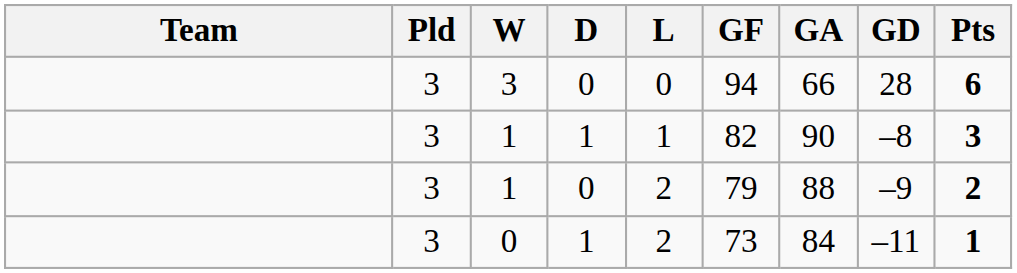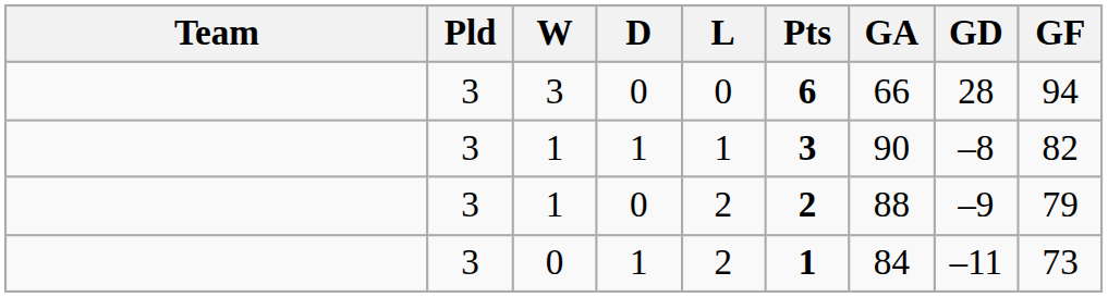 <table class="wikitable" style="text-align: center;">
 <tr>
 <th width="180">Team</th>
 <th width="30">Pld</th>
 <th width="30">W</th>
 <th width="30">D</th>
 <th width="30">L</th>
-<th width="30">GF</th>
+<th width="30">Pts</th>
 <th width="30">GA</th>
 <th width="30">GD</th>
-<th width="30">Pts</th>
+<th width="30">GF</th>
 </tr>
 <tr>
 <td align="left"></td>
 <td>3</td>
 <td>3</td>
 <td>0</td>
 <td>0</td>
-<td>94</td>
+<td><strong>6</strong></td>
 <td>66</td>
 <td>28</td>
-<td><strong>6</strong></td>
+<td>94</td>
 </tr>
 <tr>
 <td align="left"></td>
 <td>3</td>
 <td>1</td>
 <td>1</td>
 <td>1</td>
-<td>82</td>
+<td><strong>3</strong></td>
 <td>90</td>
 <td>–8</td>
-<td><strong>3</strong></td>
+<td>82</td>
 </tr>
 <tr>
 <td align="left"></td>
 <td>3</td>
 <td>1</td>
 <td>0</td>
 <td>2</td>
-<td>79</td>
+<td><strong>2</strong></td>
 <td>88</td>
 <td>–9</td>
-<td><strong>2</strong></td>
+<td>79</td>
 </tr>
 <tr>
 <td align="left"></td>
 <td>3</td>
 <td>0</td>
 <td>1</td>
 <td>2</td>
-<td>73</td>
+<td><strong>1</strong></td>
 <td>84</td>
 <td>–11</td>
-<td><strong>1</strong></td>
+<td>73</td>
 </tr>
 </table>
